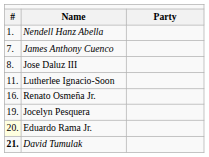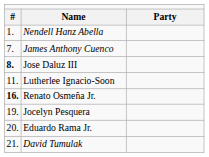 <table class=wikitable style="font-size:90%">
 <tr>
 <td colspan=4 bgcolor=></td>
 </tr>
 <tr>
 <th>#</th>
 <th width=150px>Name</th>
 <th colspan=2 width=110px>Party</th>
 </tr>
 <tr>
 <td>1.</td>
 <td><em>Nendell Hanz Abella</em></td>
 <td></td>
 </tr>
 <tr>
 <td>7.</td>
 <td><em>James Anthony Cuenco</em></td>
 <td></td>
 </tr>
 <tr>
-<td>8.</td>
+<td><strong>8.</strong></td>
 <td>Jose Daluz III</td>
 <td></td>
 </tr>
 <tr>
 <td>11.</td>
 <td>Lutherlee Ignacio-Soon</td>
 <td></td>
 </tr>
 <tr>
-<td>16.</td>
+<td><strong>16.</strong></td>
 <td>Renato Osmeña Jr.</td>
 <td></td>
 </tr>
 <tr>
 <td>19.</td>
 <td>Jocelyn Pesquera</td>
 <td></td>
 </tr>
 <tr>
-<td style="background: lightyellow;">20.</td>
+<td>20.</td>
 <td>Eduardo Rama Jr.</td>
 <td></td>
 </tr>
 <tr>
-<td><strong>21.</strong></td>
+<td>21.</td>
 <td><em>David Tumulak</em></td>
 <td></td>
 </tr>
 </table>
